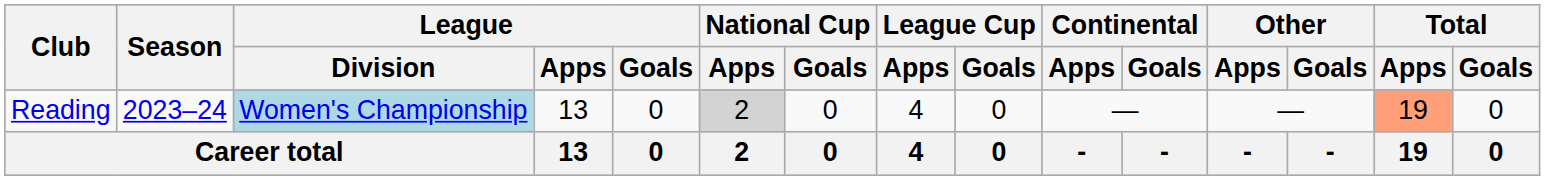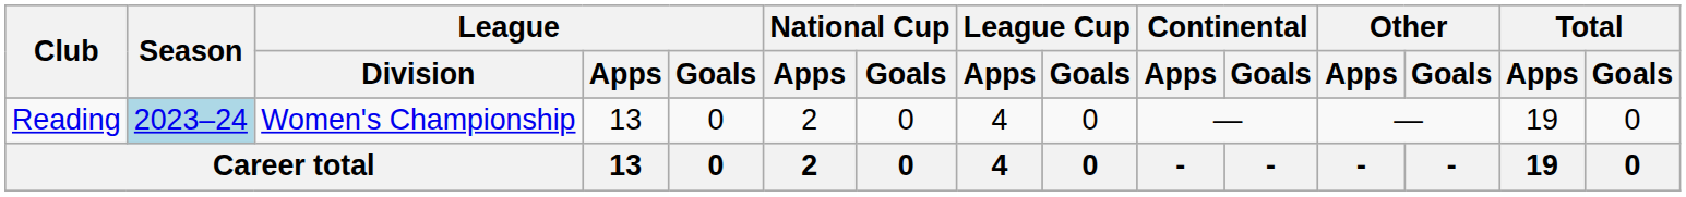 <table class="wikitable" style="text-align:center">
 <tr>
 <th rowspan="2">Club</th>
 <th rowspan="2">Season</th>
 <th colspan="3">League</th>
 <th colspan="2">National Cup</th>
 <th colspan="2">League Cup</th>
 <th colspan="2">Continental</th>
 <th colspan="2">Other</th>
 <th colspan="2">Total</th>
 </tr>
 <tr>
 <th>Division</th>
 <th>Apps</th>
 <th>Goals</th>
 <th>Apps</th>
 <th>Goals</th>
 <th>Apps</th>
 <th>Goals</th>
 <th>Apps</th>
 <th>Goals</th>
 <th>Apps</th>
 <th>Goals</th>
 <th>Apps</th>
 <th>Goals</th>
 </tr>
 <tr>
 <td><a href='#'>Reading</a></td>
-<td><a href='#'>2023–24</a></td>
-<td style="background: lightblue;"><a href='#'>Women's Championship</a></td>
+<td style="background: lightblue;"><a href='#'>2023–24</a></td>
+<td><a href='#'>Women's Championship</a></td>
 <td>13</td>
 <td>0</td>
-<td style="background: lightgrey;">2</td>
+<td>2</td>
 <td>0</td>
 <td>4</td>
 <td>0</td>
 <td colspan="2">—</td>
 <td colspan="2">—</td>
-<td style="background: lightsalmon;">19</td>
+<td>19</td>
 <td>0</td>
 </tr>
 <tr>
 <th colspan="3">Career total</th>
 <th>13</th>
 <th>0</th>
 <th>2</th>
 <th>0</th>
 <th>4</th>
 <th>0</th>
 <th>-</th>
 <th>-</th>
 <th>-</th>
 <th>-</th>
 <th>19</th>
 <th>0</th>
 </tr>
 </table>
